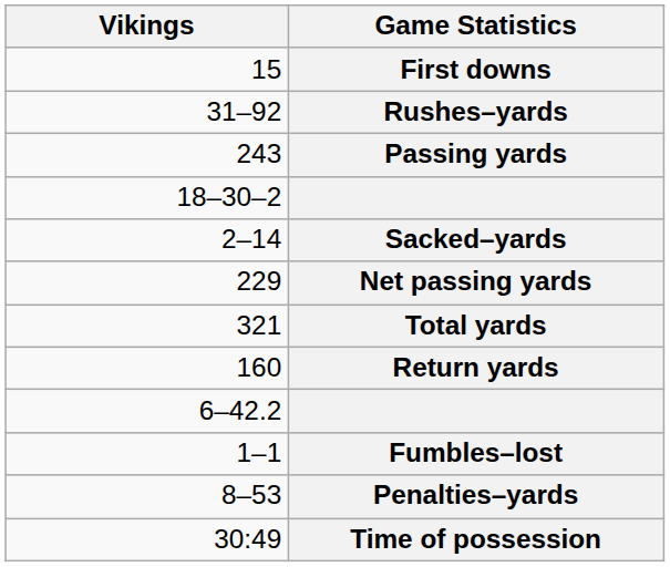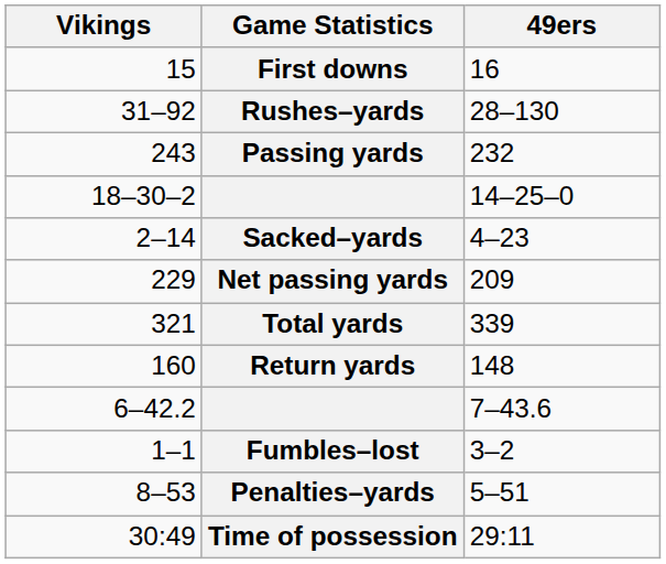 <table class="wikitable" style="margin: 1em auto 1em auto">
 <tr>
 <th style="width:30%;">Vikings</th>
 <th style="width:40%;">Game Statistics</th>
+<th style="width:30%;">49ers</th>
 </tr>
 <tr>
 <td style="text-align:right;">15</td>
 <th>First downs</th>
+<td>16</td>
 </tr>
 <tr>
 <td style="text-align:right;">31–92</td>
 <th>Rushes–yards</th>
+<td>28–130</td>
 </tr>
 <tr>
 <td style="text-align:right;">243</td>
 <th>Passing yards</th>
+<td>232</td>
 </tr>
 <tr>
 <td style="text-align:right;">18–30–2</td>
 <th></th>
+<td>14–25–0</td>
 </tr>
 <tr>
 <td style="text-align:right;">2–14</td>
 <th>Sacked–yards</th>
+<td>4–23</td>
 </tr>
 <tr>
 <td style="text-align:right;">229</td>
 <th>Net passing yards</th>
+<td>209</td>
 </tr>
 <tr>
 <td style="text-align:right;">321</td>
 <th>Total yards</th>
+<td>339</td>
 </tr>
 <tr>
 <td style="text-align:right;">160</td>
 <th>Return yards</th>
+<td>148</td>
 </tr>
 <tr>
 <td style="text-align:right;">6–42.2</td>
 <th></th>
+<td>7–43.6</td>
 </tr>
 <tr>
 <td style="text-align:right;">1–1</td>
 <th>Fumbles–lost</th>
+<td>3–2</td>
 </tr>
 <tr>
 <td style="text-align:right;">8–53</td>
 <th>Penalties–yards</th>
+<td>5–51</td>
 </tr>
 <tr>
 <td style="text-align:right;">30:49</td>
 <th>Time of possession</th>
+<td>29:11</td>
 </tr>
 </table>
